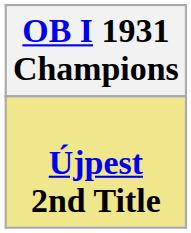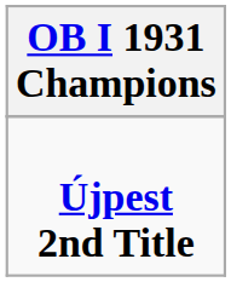 <table class="wikitable" style="text-align: center; margin: 0 auto;">
 <tr>
 <th><a href='#'>OB I</a> 1931<br>Champions</th>
 </tr>
 <tr>
 </tr>
 <tr>
-<td style="background: khaki;"> <br><strong><a href='#'>Újpest</a></strong><br><strong>2nd Title</strong></td>
+<td> <br><strong><a href='#'>Újpest</a></strong><br><strong>2nd Title</strong></td>
 </tr>
 </table>
